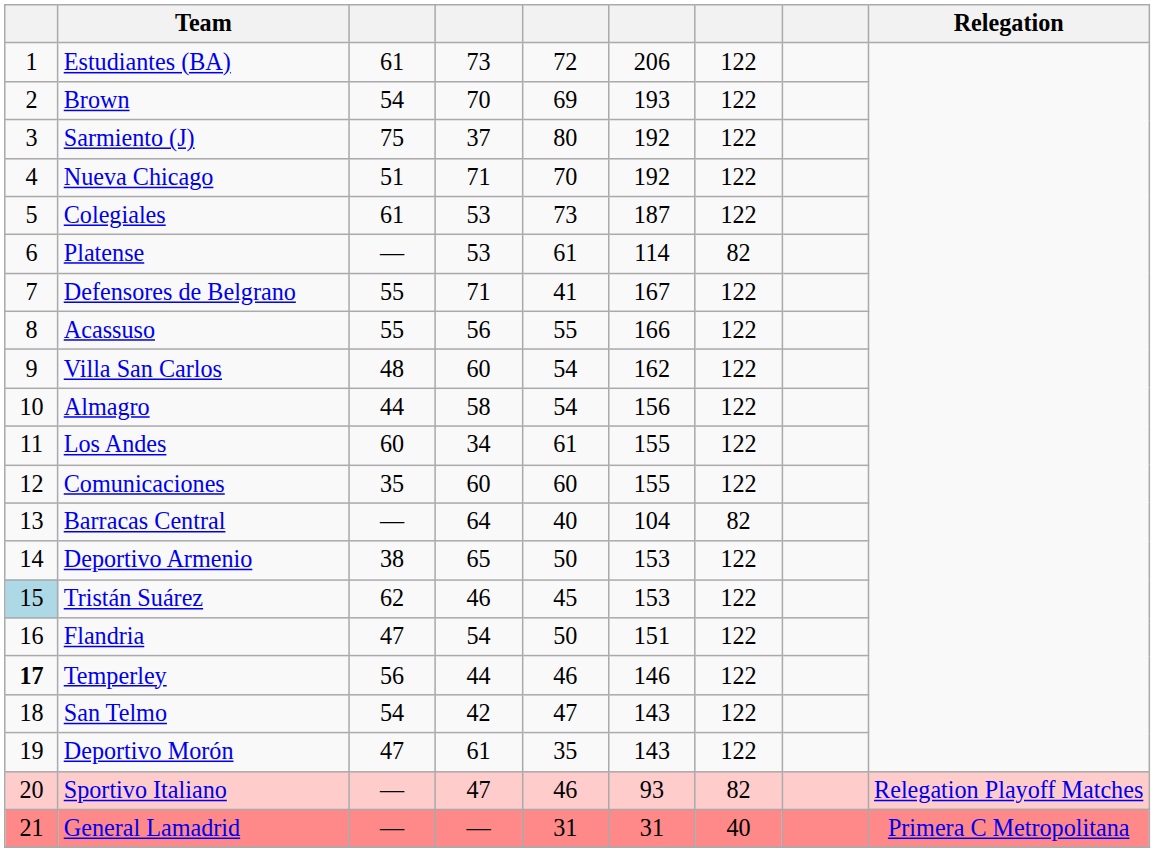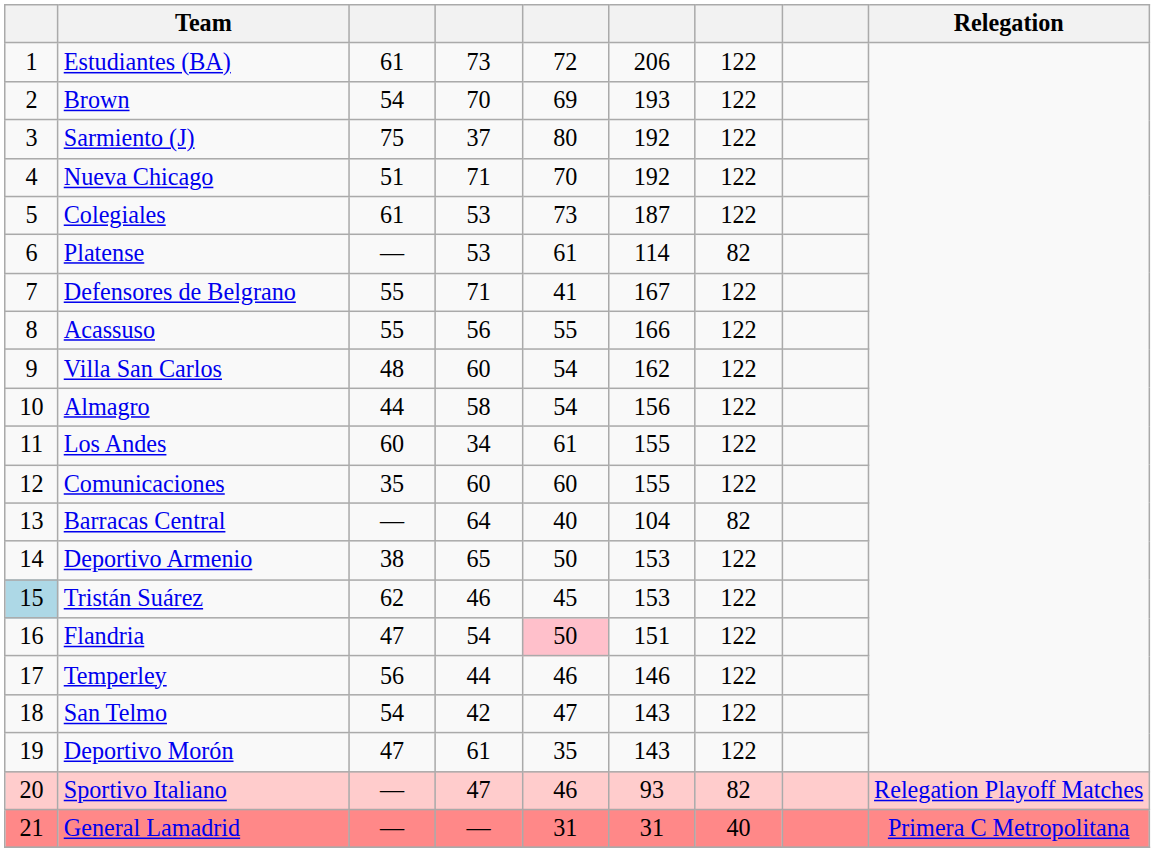 <table class="wikitable" style="text-align: center;">
 <tr>
 <th width=28><br></th>
 <th width=185>Team</th>
 <th width=50></th>
 <th width=50></th>
 <th width=50></th>
 <th width=50></th>
 <th width=50></th>
 <th width=50><br></th>
 <th>Relegation</th>
 </tr>
 <tr>
 <td>1</td>
 <td align="left"><a href='#'>Estudiantes (BA)</a></td>
 <td>61</td>
 <td>73</td>
 <td>72</td>
 <td>206</td>
 <td>122</td>
 <td><strong></strong></td>
 </tr>
 <tr>
 <td>2</td>
 <td align="left"><a href='#'>Brown</a></td>
 <td>54</td>
 <td>70</td>
 <td>69</td>
 <td>193</td>
 <td>122</td>
 <td><strong></strong></td>
 </tr>
 <tr>
 <td>3</td>
 <td align="left"><a href='#'>Sarmiento (J)</a></td>
 <td>75</td>
 <td>37</td>
 <td>80</td>
 <td>192</td>
 <td>122</td>
 <td><strong></strong></td>
 </tr>
 <tr>
 <td>4</td>
 <td align="left"><a href='#'>Nueva Chicago</a></td>
 <td>51</td>
 <td>71</td>
 <td>70</td>
 <td>192</td>
 <td>122</td>
 <td><strong></strong></td>
 </tr>
 <tr>
 <td>5</td>
 <td align="left"><a href='#'>Colegiales</a></td>
 <td>61</td>
 <td>53</td>
 <td>73</td>
 <td>187</td>
 <td>122</td>
 <td><strong></strong></td>
 </tr>
 <tr>
 <td>6</td>
 <td align="left"><a href='#'>Platense</a></td>
 <td>—</td>
 <td>53</td>
 <td>61</td>
 <td>114</td>
 <td>82</td>
 <td><strong></strong></td>
 </tr>
 <tr>
 <td>7</td>
 <td align="left"><a href='#'>Defensores de Belgrano</a></td>
 <td>55</td>
 <td>71</td>
 <td>41</td>
 <td>167</td>
 <td>122</td>
 <td><strong></strong></td>
 </tr>
 <tr>
 <td>8</td>
 <td align="left"><a href='#'>Acassuso</a></td>
 <td>55</td>
 <td>56</td>
 <td>55</td>
 <td>166</td>
 <td>122</td>
 <td><strong></strong></td>
 </tr>
 <tr>
 <td>9</td>
 <td align="left"><a href='#'>Villa San Carlos</a></td>
 <td>48</td>
 <td>60</td>
 <td>54</td>
 <td>162</td>
 <td>122</td>
 <td><strong></strong></td>
 </tr>
 <tr>
 <td>10</td>
 <td align="left"><a href='#'>Almagro</a></td>
 <td>44</td>
 <td>58</td>
 <td>54</td>
 <td>156</td>
 <td>122</td>
 <td><strong></strong></td>
 </tr>
 <tr>
 <td>11</td>
 <td align="left"><a href='#'>Los Andes</a></td>
 <td>60</td>
 <td>34</td>
 <td>61</td>
 <td>155</td>
 <td>122</td>
 <td><strong></strong></td>
 </tr>
 <tr>
 <td>12</td>
 <td align="left"><a href='#'>Comunicaciones</a></td>
 <td>35</td>
 <td>60</td>
 <td>60</td>
 <td>155</td>
 <td>122</td>
 <td><strong></strong></td>
 </tr>
 <tr>
 <td>13</td>
 <td align="left"><a href='#'>Barracas Central</a></td>
 <td>—</td>
 <td>64</td>
 <td>40</td>
 <td>104</td>
 <td>82</td>
 <td><strong></strong></td>
 </tr>
 <tr>
 <td>14</td>
 <td align="left"><a href='#'>Deportivo Armenio</a></td>
 <td>38</td>
 <td>65</td>
 <td>50</td>
 <td>153</td>
 <td>122</td>
 <td><strong></strong></td>
 </tr>
 <tr>
 <td style="background: lightblue;">15</td>
 <td align="left"><a href='#'>Tristán Suárez</a></td>
 <td>62</td>
 <td>46</td>
 <td>45</td>
 <td>153</td>
 <td>122</td>
 <td><strong></strong></td>
 </tr>
 <tr>
 <td>16</td>
 <td align="left"><a href='#'>Flandria</a></td>
 <td>47</td>
 <td>54</td>
-<td>50</td>
+<td style="background: pink;">50</td>
 <td>151</td>
 <td>122</td>
 <td><strong></strong></td>
 </tr>
 <tr>
-<td><strong>17</strong></td>
+<td>17</td>
 <td align="left"><a href='#'>Temperley</a></td>
 <td>56</td>
 <td>44</td>
 <td>46</td>
 <td>146</td>
 <td>122</td>
 <td><strong></strong></td>
 </tr>
 <tr>
 <td>18</td>
 <td align="left"><a href='#'>San Telmo</a></td>
 <td>54</td>
 <td>42</td>
 <td>47</td>
 <td>143</td>
 <td>122</td>
 <td><strong></strong></td>
 </tr>
 <tr>
 <td>19</td>
 <td align="left"><a href='#'>Deportivo Morón</a></td>
 <td>47</td>
 <td>61</td>
 <td>35</td>
 <td>143</td>
 <td>122</td>
 <td><strong></strong></td>
 </tr>
 <tr bgcolor=#FFCCCC>
 <td>20</td>
 <td align="left"><a href='#'>Sportivo Italiano</a></td>
 <td>—</td>
 <td>47</td>
 <td>46</td>
 <td>93</td>
 <td>82</td>
 <td><strong></strong></td>
 <td bgcolor=#FFCCCC><a href='#'>Relegation Playoff Matches</a></td>
 </tr>
 <tr bgcolor=#FF8888>
 <td>21</td>
 <td align="left"><a href='#'>General Lamadrid</a></td>
 <td>—</td>
 <td>—</td>
 <td>31</td>
 <td>31</td>
 <td>40</td>
 <td><strong></strong></td>
 <td bgcolor=#FF8888><a href='#'>Primera C Metropolitana</a></td>
 </tr>
 <tr>
 </tr>
 </table>
